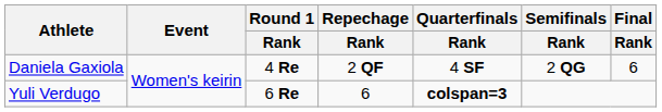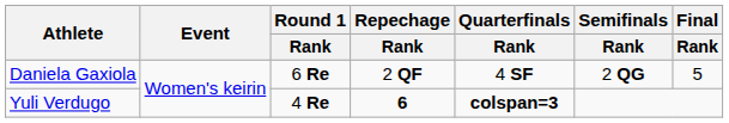 <table class=wikitable style=font-size:90%;text-align:center>
 <tr>
 <th rowspan=2>Athlete</th>
 <th rowspan=2>Event</th>
 <th>Round 1</th>
 <th>Repechage</th>
 <th>Quarterfinals</th>
 <th>Semifinals</th>
 <th>Final</th>
 </tr>
 <tr style=font-size:95%>
 <th>Rank</th>
 <th>Rank</th>
 <th>Rank</th>
 <th>Rank</th>
 <th>Rank</th>
 </tr>
 <tr>
 <td align=left><a href='#'>Daniela Gaxiola</a></td>
 <td align=left rowspan=2><a href='#'>Women's keirin</a></td>
-<td>4 <strong>Re</strong></td>
+<td>6 <strong>Re</strong></td>
 <td>2 <strong>QF</strong></td>
 <td>4 <strong>SF</strong></td>
 <td>2 <strong>QG</strong></td>
-<td>6</td>
+<td>5</td>
 </tr>
 <tr>
 <td align=left><a href='#'>Yuli Verdugo</a></td>
-<td>6 <strong>Re</strong></td>
-<td>6</td>
+<td>4 <strong>Re</strong></td>
+<td><strong>6</strong></td>
 <td><strong>colspan=3</strong></td>
 </tr>
 </table>
